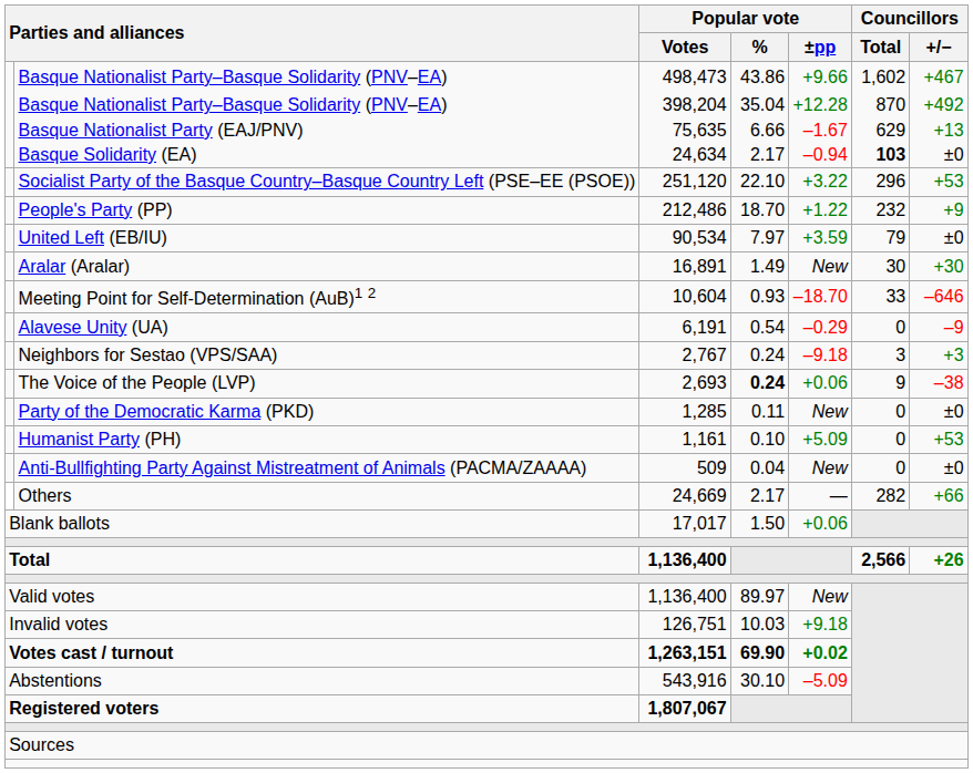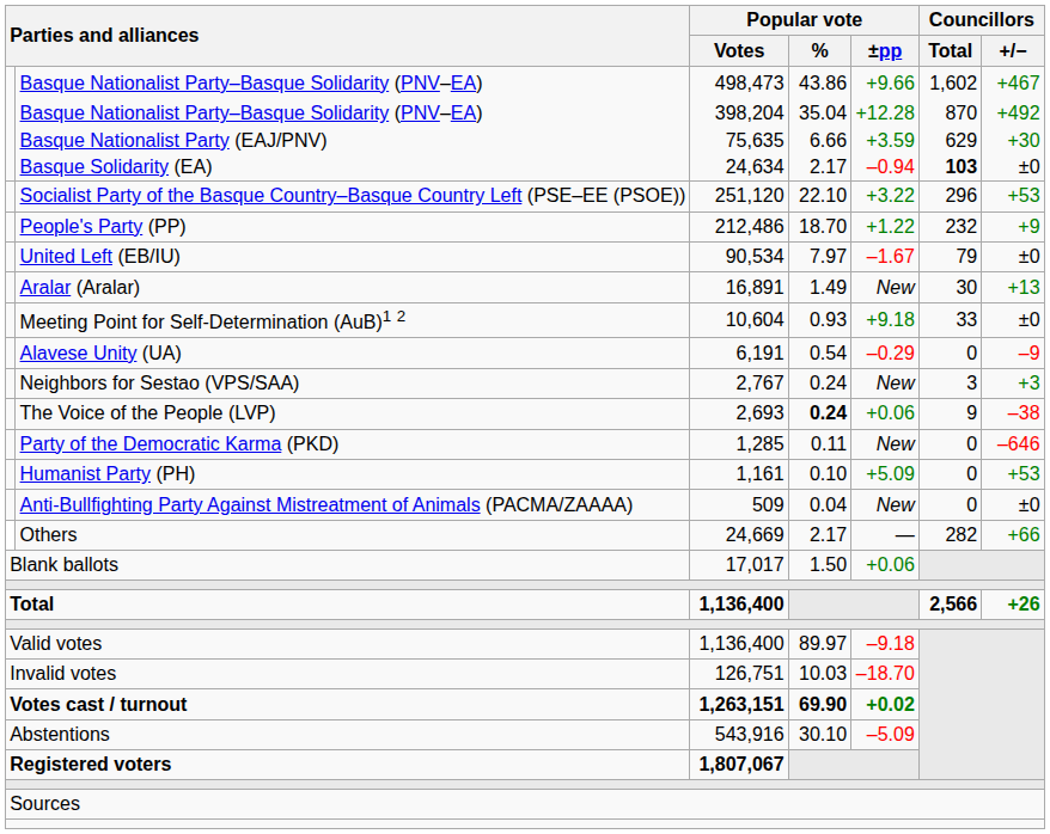 <table class="wikitable" style="text-align:right;">
 <tr>
 <th style="text-align:left;" rowspan="2" colspan="2" width="525">Parties and alliances</th>
 <th colspan="3">Popular vote</th>
 <th colspan="2">Councillors</th>
 </tr>
 <tr>
 <th width="75">Votes</th>
 <th width="45">%</th>
 <th width="45">±<a href='#'>pp</a></th>
 <th width="45">Total</th>
 <th width="45">+/−</th>
 </tr>
 <tr style="line-height:22px;">
 <td width="1" rowspan="4"></td>
 <td align="left"><a href='#'>Basque Nationalist Party–Basque Solidarity</a> (<a href='#'>PNV</a>–<a href='#'>EA</a>)</td>
 <td>498,473</td>
 <td>43.86</td>
 <td style="color:green;">+9.66</td>
 <td>1,602</td>
 <td style="color:green;">+467</td>
 </tr>
 <tr style="border-bottom-style:hidden; border-top-style:hidden; line-height:16px;">
 <td align="left"><span><a href='#'>Basque Nationalist Party–Basque Solidarity</a> (<a href='#'>PNV</a>–<a href='#'>EA</a>)</span></td>
 <td>398,204</td>
 <td>35.04</td>
 <td style="color:green;">+12.28</td>
 <td>870</td>
 <td style="color:green;">+492</td>
 </tr>
 <tr style="border-bottom-style:hidden; line-height:16px;">
 <td align="left"><span><a href='#'>Basque Nationalist Party</a> (EAJ/PNV)</span></td>
 <td>75,635</td>
 <td>6.66</td>
-<td style="color:red;">–1.67</td>
+<td style="color:green;">+3.59</td>
 <td>629</td>
-<td style="color:green;">+13</td>
+<td style="color:green;">+30</td>
 </tr>
 <tr style="line-height:16px;">
 <td align="left"><span><a href='#'>Basque Solidarity</a> (EA)</span></td>
 <td>24,634</td>
 <td>2.17</td>
 <td style="color:red;">–0.94</td>
 <td><strong>103</strong></td>
 <td>±0</td>
 </tr>
 <tr>
 <td style="color:inherit;background:"></td>
 <td align="left"><a href='#'>Socialist Party of the Basque Country–Basque Country Left</a> (PSE–EE (PSOE))</td>
 <td>251,120</td>
 <td>22.10</td>
 <td style="color:green;">+3.22</td>
 <td>296</td>
 <td style="color:green;">+53</td>
 </tr>
 <tr>
 <td style="color:inherit;background:"></td>
 <td align="left"><a href='#'>People's Party</a> (PP)</td>
 <td>212,486</td>
 <td>18.70</td>
 <td style="color:green;">+1.22</td>
 <td>232</td>
 <td style="color:green;">+9</td>
 </tr>
 <tr>
 <td style="color:inherit;background:"></td>
 <td align="left"><a href='#'>United Left</a> (EB/IU)</td>
 <td>90,534</td>
 <td>7.97</td>
-<td style="color:green;">+3.59</td>
+<td style="color:red;">–1.67</td>
 <td>79</td>
 <td>±0</td>
 </tr>
 <tr>
 <td style="color:inherit;background:"></td>
 <td align="left"><a href='#'>Aralar</a> (Aralar)</td>
 <td>16,891</td>
 <td>1.49</td>
 <td><em>New</em></td>
 <td>30</td>
-<td style="color:green;">+30</td>
+<td style="color:green;">+13</td>
 </tr>
 <tr>
 <td style="color:inherit;background:"></td>
 <td align="left">Meeting Point for Self-Determination (AuB)<sup>1</sup> <sup>2</sup></td>
 <td>10,604</td>
 <td>0.93</td>
-<td style="color:red;">–18.70</td>
+<td style="color:green;">+9.18</td>
 <td>33</td>
-<td style="color:red;">–646</td>
+<td>±0</td>
 </tr>
 <tr>
 <td style="color:inherit;background:"></td>
 <td align="left"><a href='#'>Alavese Unity</a> (UA)</td>
 <td>6,191</td>
 <td>0.54</td>
 <td style="color:red;">–0.29</td>
 <td>0</td>
 <td style="color:red;">–9</td>
 </tr>
 <tr>
 <td style="color:inherit;background:"></td>
 <td align="left">Neighbors for Sestao (VPS/SAA)</td>
 <td>2,767</td>
 <td>0.24</td>
-<td style="color:red;">–9.18</td>
+<td><em>New</em></td>
 <td>3</td>
 <td style="color:green;">+3</td>
 </tr>
 <tr>
 <td style="color:inherit;background:"></td>
 <td align="left">The Voice of the People (LVP)</td>
 <td>2,693</td>
 <td><strong>0.24</strong></td>
 <td style="color:green;">+0.06</td>
 <td>9</td>
 <td style="color:red;">–38</td>
 </tr>
 <tr>
 <td style="color:inherit;background:"></td>
 <td align="left"><a href='#'>Party of the Democratic Karma</a> (PKD)</td>
 <td>1,285</td>
 <td>0.11</td>
 <td><em>New</em></td>
 <td>0</td>
-<td>±0</td>
+<td style="color:red;">–646</td>
 </tr>
 <tr>
 <td style="color:inherit;background:"></td>
 <td align="left"><a href='#'>Humanist Party</a> (PH)</td>
 <td>1,161</td>
 <td>0.10</td>
 <td style="color:green;">+5.09</td>
 <td>0</td>
 <td style="color:green;">+53</td>
 </tr>
 <tr>
 <td style="color:inherit;background:"></td>
 <td align="left"><a href='#'>Anti-Bullfighting Party Against Mistreatment of Animals</a> (PACMA/ZAAAA)</td>
 <td>509</td>
 <td>0.04</td>
 <td><em>New</em></td>
 <td>0</td>
 <td>±0</td>
 </tr>
 <tr>
 <td bgcolor="white"></td>
 <td align="left">Others</td>
 <td>24,669</td>
 <td>2.17</td>
 <td>—</td>
 <td>282</td>
 <td style="color:green;">+66</td>
 </tr>
 <tr>
 <td align="left" colspan="2">Blank ballots</td>
 <td>17,017</td>
 <td>1.50</td>
 <td style="color:green;">+0.06</td>
 <td style="color:inherit;background:#E9E9E9" colspan="2"></td>
 </tr>
 <tr>
 <td colspan="7" style="color:inherit;background:#E9E9E9"></td>
 </tr>
 <tr style="font-weight:bold;">
 <td align="left" colspan="2">Total</td>
 <td>1,136,400</td>
 <td bgcolor="#E9E9E9" colspan="2"></td>
 <td>2,566</td>
 <td style="color:green;">+26</td>
 </tr>
 <tr>
 <td colspan="7" style="color:inherit;background:#E9E9E9"></td>
 </tr>
 <tr>
 <td align="left" colspan="2">Valid votes</td>
 <td>1,136,400</td>
 <td>89.97</td>
-<td><em>New</em></td>
+<td style="color:red;">–9.18</td>
 <td bgcolor="#E9E9E9" colspan="2" rowspan="5"></td>
 </tr>
 <tr>
 <td align="left" colspan="2">Invalid votes</td>
 <td>126,751</td>
 <td>10.03</td>
-<td style="color:green;">+9.18</td>
+<td style="color:red;">–18.70</td>
 </tr>
 <tr style="font-weight:bold;">
 <td align="left" colspan="2">Votes cast / turnout</td>
 <td>1,263,151</td>
 <td>69.90</td>
 <td style="color:green;">+0.02</td>
 </tr>
 <tr>
 <td align="left" colspan="2">Abstentions</td>
 <td>543,916</td>
 <td>30.10</td>
 <td style="color:red;">–5.09</td>
 </tr>
 <tr style="font-weight:bold;">
 <td align="left" colspan="2">Registered voters</td>
 <td>1,807,067</td>
 <td bgcolor="#E9E9E9" colspan="2"></td>
 </tr>
 <tr>
 <td colspan="7" style="color:inherit;background:#E9E9E9"></td>
 </tr>
 <tr>
 <td align="left" colspan="7">Sources</td>
 </tr>
 <tr>
 <td colspan="7" style="text-align:left; max-width:790px;"></td>
 </tr>
 </table>
